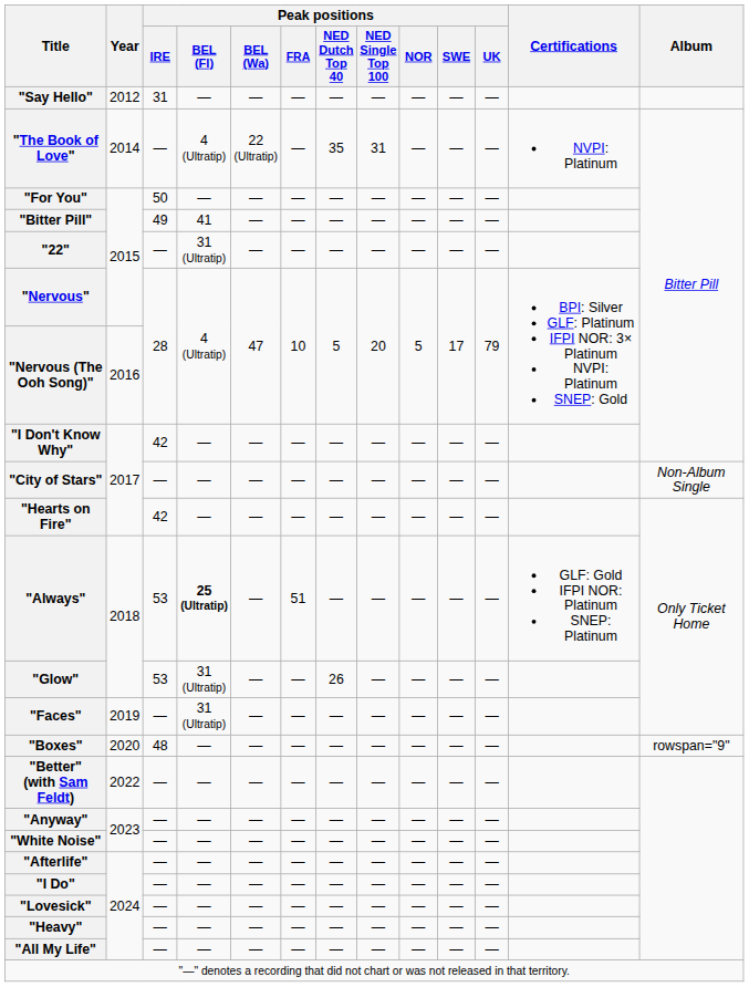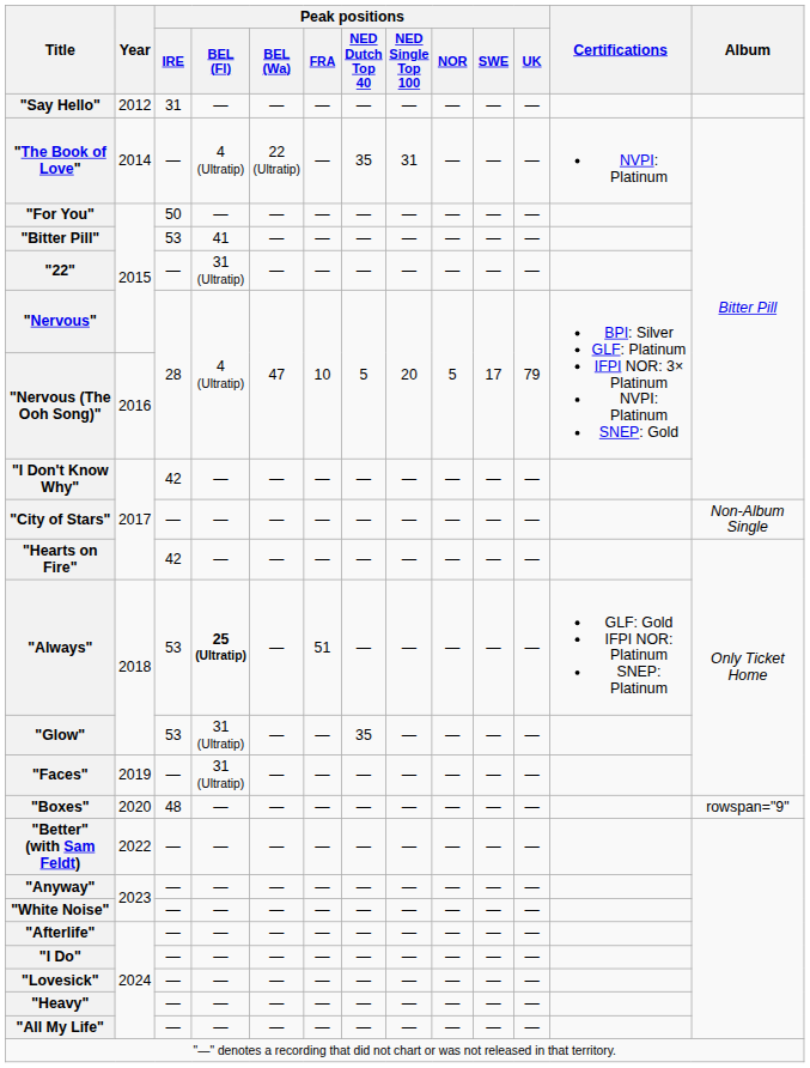 <table class="wikitable plainrowheaders" style="text-align:center;">
 <tr>
 <th rowspan="2" align="center" width="140">Title</th>
 <th rowspan="2" align="center" width="10">Year</th>
 <th colspan="9" align="center" width="20">Peak positions</th>
 <th rowspan="2" align="center" width="190"><a href='#'>Certifications</a></th>
 <th rowspan="2" align="center" width="140">Album</th>
 </tr>
 <tr>
 <th scope="col" style="width:3em;font-size:90%;"><a href='#'>IRE</a><br></th>
 <th scope="col" style="width:3em;font-size:90%;"><a href='#'>BEL<br>(Fl)</a><br></th>
 <th scope="col" style="width:3em;font-size:90%;"><a href='#'>BEL<br>(Wa)</a><br></th>
 <th style="width:3em;font-size:85%"><a href='#'>FRA</a><br></th>
 <th scope="col" style="width:3em;font-size:90%;"><a href='#'>NED<br>Dutch<br>Top 40</a><br></th>
 <th scope="col" style="width:3em;font-size:90%;"><a href='#'>NED<br>Single<br>Top 100</a><br></th>
 <th scope="col" style="width:3em;font-size:90%;"><a href='#'>NOR</a><br></th>
 <th scope="col" style="width:3em;font-size:90%;"><a href='#'>SWE</a><br></th>
 <th scope="col" style="width:3em;font-size:90%;"><a href='#'>UK</a><br></th>
 </tr>
 <tr>
 <th scope="row">"Say Hello"</th>
 <td>2012</td>
 <td>31</td>
 <td>—</td>
 <td>—</td>
 <td>—</td>
 <td>—</td>
 <td>—</td>
 <td>—</td>
 <td>—</td>
 <td>—</td>
 <td></td>
 <td></td>
 </tr>
 <tr>
 <th scope="row">"<a href='#'>The Book of Love</a>"</th>
 <td>2014</td>
 <td>—</td>
 <td>4<br><small>(Ultratip)</small></td>
 <td>22<br><small>(Ultratip)</small></td>
 <td>—</td>
 <td>35</td>
 <td>31</td>
 <td>—</td>
 <td>—</td>
 <td>—</td>
 <td><br><ul><li><a href='#'>NVPI</a>: Platinum</li></ul></td>
 <td rowspan=7><em><a href='#'>Bitter Pill</a></em></td>
 </tr>
 <tr>
 <th scope="row">"For You"</th>
 <td rowspan=4>2015</td>
 <td>50</td>
 <td>—</td>
 <td>—</td>
 <td>—</td>
 <td>—</td>
 <td>—</td>
 <td>—</td>
 <td>—</td>
 <td>—</td>
 <td></td>
 </tr>
 <tr>
 <th scope="row">"Bitter Pill"</th>
-<td>49</td>
+<td>53</td>
 <td>41</td>
 <td>—</td>
 <td>—</td>
 <td>—</td>
 <td>—</td>
 <td>—</td>
 <td>—</td>
 <td>—</td>
 <td></td>
 </tr>
 <tr>
 <th scope="row">"22"</th>
 <td>—</td>
 <td>31<br><small>(Ultratip)</small></td>
 <td>—</td>
 <td>—</td>
 <td>—</td>
 <td>—</td>
 <td>—</td>
 <td>—</td>
 <td>—</td>
 <td></td>
 </tr>
 <tr>
 <th scope="row">"<a href='#'>Nervous</a>"</th>
 <td rowspan="2">28</td>
 <td rowspan="2">4<br><small>(Ultratip)</small></td>
 <td rowspan="2">47</td>
 <td rowspan="2">10</td>
 <td rowspan="2">5</td>
 <td rowspan="2">20</td>
 <td rowspan="2">5</td>
 <td rowspan="2">17</td>
 <td rowspan="2">79</td>
 <td rowspan="2"><br><ul><li><a href='#'>BPI</a>: Silver</li><li><a href='#'>GLF</a>: Platinum</li><li><a href='#'>IFPI</a> NOR: 3× Platinum</li><li>NVPI: Platinum</li><li><a href='#'>SNEP</a>: Gold</li></ul></td>
 </tr>
 <tr>
 <th scope="row">"Nervous (The Ooh Song)"<br></th>
 <td>2016</td>
 </tr>
 <tr>
 <th scope="row">"I Don't Know Why"<br></th>
 <td rowspan="3">2017</td>
 <td>42</td>
 <td>—</td>
 <td>—</td>
 <td>—</td>
 <td>—</td>
 <td>—</td>
 <td>—</td>
 <td>—</td>
 <td>—</td>
 <td></td>
 </tr>
 <tr>
 <th scope="row">"City of Stars"</th>
 <td>—</td>
 <td>—</td>
 <td>—</td>
 <td>—</td>
 <td>—</td>
 <td>—</td>
 <td>—</td>
 <td>—</td>
 <td>—</td>
 <td></td>
 <td rowspan="1"><em>Non-Album Single</em></td>
 </tr>
 <tr>
 <th scope="row">"Hearts on Fire"</th>
 <td>42</td>
 <td>—</td>
 <td>—</td>
 <td>—</td>
 <td>—</td>
 <td>—</td>
 <td>—</td>
 <td>—</td>
 <td>—</td>
 <td></td>
 <td rowspan="4"><em>Only Ticket Home</em></td>
 </tr>
 <tr>
 <th scope="row">"Always"</th>
 <td rowspan="2">2018</td>
 <td>53</td>
 <td><strong>25<br><small>(Ultratip)</small></strong></td>
 <td>—</td>
 <td>51</td>
 <td>—</td>
 <td>—</td>
 <td>—</td>
 <td>—</td>
 <td>—</td>
 <td><br><ul><li>GLF: Gold</li><li>IFPI NOR: Platinum</li><li>SNEP: Platinum</li></ul></td>
 </tr>
 <tr>
 <th scope="row">"Glow"</th>
 <td>53</td>
 <td>31<br><small>(Ultratip)</small></td>
 <td>—</td>
 <td>—</td>
-<td>26<br></td>
+<td>35</td>
 <td>—</td>
 <td>—</td>
 <td>—</td>
 <td>—</td>
 <td></td>
 </tr>
 <tr>
 <th scope="row">"Faces"</th>
 <td>2019</td>
 <td>—</td>
 <td>31<br><small>(Ultratip)</small></td>
 <td>—</td>
 <td>—</td>
 <td>—</td>
 <td>—</td>
 <td>—</td>
 <td>—</td>
 <td>—</td>
 <td></td>
 </tr>
 <tr>
 <th scope="row">"Boxes"</th>
 <td>2020</td>
 <td>48</td>
 <td>—</td>
 <td>—</td>
 <td>—</td>
 <td>—</td>
 <td>—</td>
 <td>—</td>
 <td>—</td>
 <td>—</td>
 <td></td>
 <td>rowspan="9" </td>
 </tr>
 <tr>
 <th scope="row">"Better"<br><span>(with <a href='#'>Sam Feldt</a>)</span></th>
 <td>2022</td>
 <td>—</td>
 <td>—</td>
 <td>—</td>
 <td>—</td>
 <td>—</td>
 <td>—</td>
 <td>—</td>
 <td>—</td>
 <td>—</td>
 <td></td>
 </tr>
 <tr>
 <th scope="row">"Anyway"<br></th>
 <td rowspan="2">2023</td>
 <td>—</td>
 <td>—</td>
 <td>—</td>
 <td>—</td>
 <td>—</td>
 <td>—</td>
 <td>—</td>
 <td>—</td>
 <td>—</td>
 <td></td>
 </tr>
 <tr>
 <th scope="row">"White Noise"</th>
 <td>—</td>
 <td>—</td>
 <td>—</td>
 <td>—</td>
 <td>—</td>
 <td>—</td>
 <td>—</td>
 <td>—</td>
 <td>—</td>
 <td></td>
 </tr>
 <tr>
 <th scope="row">"Afterlife"</th>
 <td rowspan="5">2024</td>
 <td>—</td>
 <td>—</td>
 <td>—</td>
 <td>—</td>
 <td>—</td>
 <td>—</td>
 <td>—</td>
 <td>—</td>
 <td>—</td>
 <td></td>
 </tr>
 <tr>
 <th scope="row">"I Do"</th>
 <td>—</td>
 <td>—</td>
 <td>—</td>
 <td>—</td>
 <td>—</td>
 <td>—</td>
 <td>—</td>
 <td>—</td>
 <td>—</td>
 <td></td>
 </tr>
 <tr>
 <th scope="row">"Lovesick"</th>
 <td>—</td>
 <td>—</td>
 <td>—</td>
 <td>—</td>
 <td>—</td>
 <td>—</td>
 <td>—</td>
 <td>—</td>
 <td>—</td>
 <td></td>
 </tr>
 <tr>
 <th scope="row">"Heavy"</th>
 <td>—</td>
 <td>—</td>
 <td>—</td>
 <td>—</td>
 <td>—</td>
 <td>—</td>
 <td>—</td>
 <td>—</td>
 <td>—</td>
 <td></td>
 </tr>
 <tr>
 <th scope="row">"All My Life"</th>
 <td>—</td>
 <td>—</td>
 <td>—</td>
 <td>—</td>
 <td>—</td>
 <td>—</td>
 <td>—</td>
 <td>—</td>
 <td>—</td>
 <td></td>
 </tr>
 <tr>
 <td colspan="13"><small>"—" denotes a recording that did not chart or was not released in that territory.</small></td>
 </tr>
 </table>
